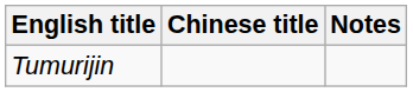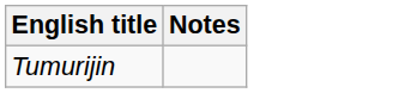 <table class="wikitable sortable">
 <tr>
 <th>English title</th>
-<th>Chinese title</th>
 <th>Notes</th>
 </tr>
 <tr>
 <td><em>Tumurijin</em></td>
 <td></td>
-<td></td>
 </tr>
 </table>
